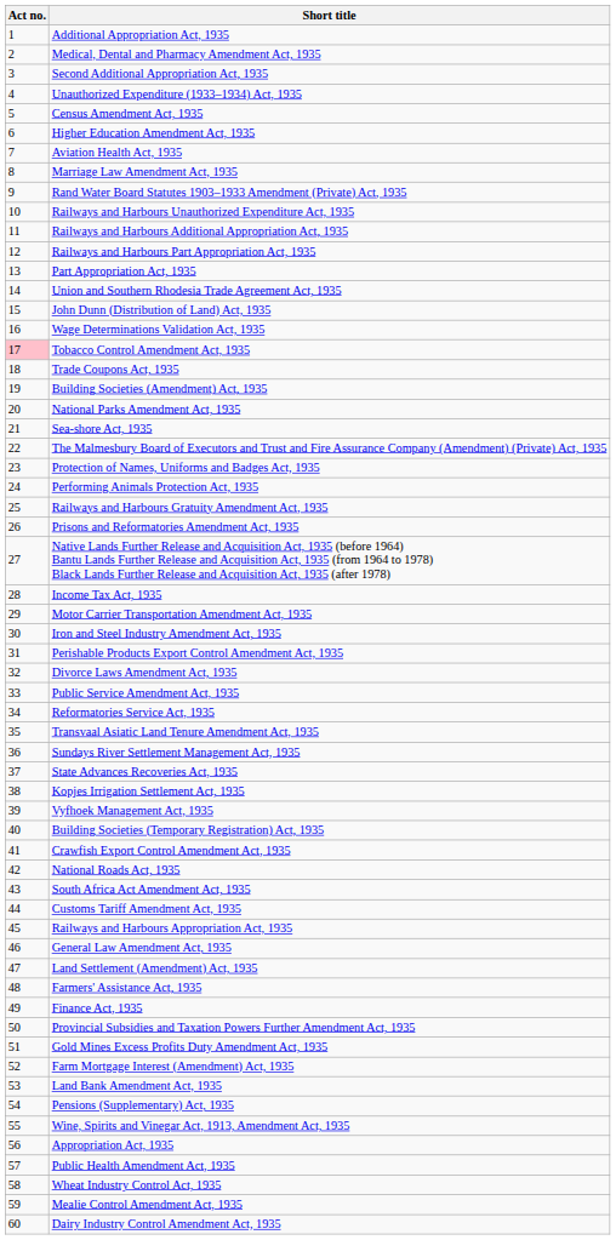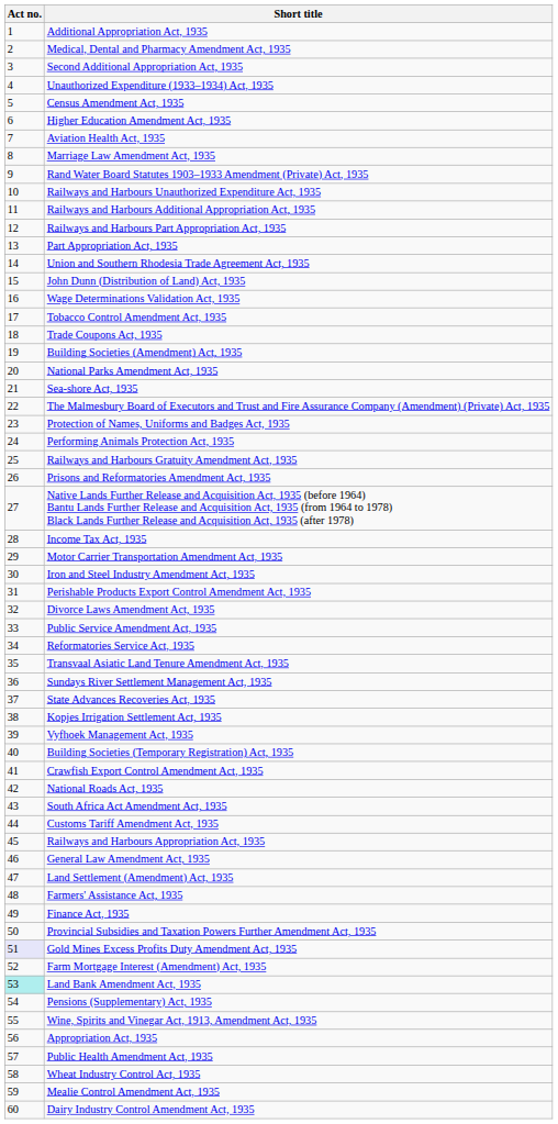 <table class="wikitable sortable">
 <tr>
 <th>Act no.</th>
 <th>Short title</th>
 </tr>
 <tr>
 <td>1</td>
 <td><a href='#'>Additional Appropriation Act, 1935</a></td>
 </tr>
 <tr>
 <td>2</td>
 <td><a href='#'>Medical, Dental and Pharmacy Amendment Act, 1935</a></td>
 </tr>
 <tr>
 <td>3</td>
 <td><a href='#'>Second Additional Appropriation Act, 1935</a></td>
 </tr>
 <tr>
 <td>4</td>
 <td><a href='#'>Unauthorized Expenditure (1933–1934) Act, 1935</a></td>
 </tr>
 <tr>
 <td>5</td>
 <td><a href='#'>Census Amendment Act, 1935</a></td>
 </tr>
 <tr>
 <td>6</td>
 <td><a href='#'>Higher Education Amendment Act, 1935</a></td>
 </tr>
 <tr>
 <td>7</td>
 <td><a href='#'>Aviation Health Act, 1935</a></td>
 </tr>
 <tr>
 <td>8</td>
 <td><a href='#'>Marriage Law Amendment Act, 1935</a></td>
 </tr>
 <tr>
 <td>9</td>
 <td><a href='#'>Rand Water Board Statutes 1903–1933 Amendment (Private) Act, 1935</a></td>
 </tr>
 <tr>
 <td>10</td>
 <td><a href='#'>Railways and Harbours Unauthorized Expenditure Act, 1935</a></td>
 </tr>
 <tr>
 <td>11</td>
 <td><a href='#'>Railways and Harbours Additional Appropriation Act, 1935</a></td>
 </tr>
 <tr>
 <td>12</td>
 <td><a href='#'>Railways and Harbours Part Appropriation Act, 1935</a></td>
 </tr>
 <tr>
 <td>13</td>
 <td><a href='#'>Part Appropriation Act, 1935</a></td>
 </tr>
 <tr>
 <td>14</td>
 <td><a href='#'>Union and Southern Rhodesia Trade Agreement Act, 1935</a></td>
 </tr>
 <tr>
 <td>15</td>
 <td><a href='#'>John Dunn (Distribution of Land) Act, 1935</a></td>
 </tr>
 <tr>
 <td>16</td>
 <td><a href='#'>Wage Determinations Validation Act, 1935</a></td>
 </tr>
 <tr>
-<td style="background: pink;">17</td>
+<td>17</td>
 <td><a href='#'>Tobacco Control Amendment Act, 1935</a></td>
 </tr>
 <tr>
 <td>18</td>
 <td><a href='#'>Trade Coupons Act, 1935</a></td>
 </tr>
 <tr>
 <td>19</td>
 <td><a href='#'>Building Societies (Amendment) Act, 1935</a></td>
 </tr>
 <tr>
 <td>20</td>
 <td><a href='#'>National Parks Amendment Act, 1935</a></td>
 </tr>
 <tr>
 <td>21</td>
 <td><a href='#'>Sea-shore Act, 1935</a></td>
 </tr>
 <tr>
 <td>22</td>
 <td><a href='#'>The Malmesbury Board of Executors and Trust and Fire Assurance Company (Amendment) (Private) Act, 1935</a></td>
 </tr>
 <tr>
 <td>23</td>
 <td><a href='#'>Protection of Names, Uniforms and Badges Act, 1935</a></td>
 </tr>
 <tr>
 <td>24</td>
 <td><a href='#'>Performing Animals Protection Act, 1935</a></td>
 </tr>
 <tr>
 <td>25</td>
 <td><a href='#'>Railways and Harbours Gratuity Amendment Act, 1935</a></td>
 </tr>
 <tr>
 <td>26</td>
 <td><a href='#'>Prisons and Reformatories Amendment Act, 1935</a></td>
 </tr>
 <tr>
 <td>27</td>
 <td><a href='#'>Native Lands Further Release and Acquisition Act, 1935</a> (before 1964) <br><a href='#'>Bantu Lands Further Release and Acquisition Act, 1935</a> (from 1964 to 1978) <br><a href='#'>Black Lands Further Release and Acquisition Act, 1935</a> (after 1978)</td>
 </tr>
 <tr>
 <td>28</td>
 <td><a href='#'>Income Tax Act, 1935</a></td>
 </tr>
 <tr>
 <td>29</td>
 <td><a href='#'>Motor Carrier Transportation Amendment Act, 1935</a></td>
 </tr>
 <tr>
 <td>30</td>
 <td><a href='#'>Iron and Steel Industry Amendment Act, 1935</a></td>
 </tr>
 <tr>
 <td>31</td>
 <td><a href='#'>Perishable Products Export Control Amendment Act, 1935</a></td>
 </tr>
 <tr>
 <td>32</td>
 <td><a href='#'>Divorce Laws Amendment Act, 1935</a></td>
 </tr>
 <tr>
 <td>33</td>
 <td><a href='#'>Public Service Amendment Act, 1935</a></td>
 </tr>
 <tr>
 <td>34</td>
 <td><a href='#'>Reformatories Service Act, 1935</a></td>
 </tr>
 <tr>
 <td>35</td>
 <td><a href='#'>Transvaal Asiatic Land Tenure Amendment Act, 1935</a></td>
 </tr>
 <tr>
 <td>36</td>
 <td><a href='#'>Sundays River Settlement Management Act, 1935</a></td>
 </tr>
 <tr>
 <td>37</td>
 <td><a href='#'>State Advances Recoveries Act, 1935</a></td>
 </tr>
 <tr>
 <td>38</td>
 <td><a href='#'>Kopjes Irrigation Settlement Act, 1935</a></td>
 </tr>
 <tr>
 <td>39</td>
 <td><a href='#'>Vyfhoek Management Act, 1935</a></td>
 </tr>
 <tr>
 <td>40</td>
 <td><a href='#'>Building Societies (Temporary Registration) Act, 1935</a></td>
 </tr>
 <tr>
 <td>41</td>
 <td><a href='#'>Crawfish Export Control Amendment Act, 1935</a></td>
 </tr>
 <tr>
 <td>42</td>
 <td><a href='#'>National Roads Act, 1935</a></td>
 </tr>
 <tr>
 <td>43</td>
 <td><a href='#'>South Africa Act Amendment Act, 1935</a></td>
 </tr>
 <tr>
 <td>44</td>
 <td><a href='#'>Customs Tariff Amendment Act, 1935</a></td>
 </tr>
 <tr>
 <td>45</td>
 <td><a href='#'>Railways and Harbours Appropriation Act, 1935</a></td>
 </tr>
 <tr>
 <td>46</td>
 <td><a href='#'>General Law Amendment Act, 1935</a></td>
 </tr>
 <tr>
 <td>47</td>
 <td><a href='#'>Land Settlement (Amendment) Act, 1935</a></td>
 </tr>
 <tr>
 <td>48</td>
 <td><a href='#'>Farmers' Assistance Act, 1935</a></td>
 </tr>
 <tr>
 <td>49</td>
 <td><a href='#'>Finance Act, 1935</a></td>
 </tr>
 <tr>
 <td>50</td>
 <td><a href='#'>Provincial Subsidies and Taxation Powers Further Amendment Act, 1935</a></td>
 </tr>
 <tr>
-<td>51</td>
+<td style="background: lavender;">51</td>
 <td><a href='#'>Gold Mines Excess Profits Duty Amendment Act, 1935</a></td>
 </tr>
 <tr>
 <td>52</td>
 <td><a href='#'>Farm Mortgage Interest (Amendment) Act, 1935</a></td>
 </tr>
 <tr>
-<td>53</td>
+<td style="background: paleturquoise;">53</td>
 <td><a href='#'>Land Bank Amendment Act, 1935</a></td>
 </tr>
 <tr>
 <td>54</td>
 <td><a href='#'>Pensions (Supplementary) Act, 1935</a></td>
 </tr>
 <tr>
 <td>55</td>
 <td><a href='#'>Wine, Spirits and Vinegar Act, 1913, Amendment Act, 1935</a></td>
 </tr>
 <tr>
 <td>56</td>
 <td><a href='#'>Appropriation Act, 1935</a></td>
 </tr>
 <tr>
 <td>57</td>
 <td><a href='#'>Public Health Amendment Act, 1935</a></td>
 </tr>
 <tr>
 <td>58</td>
 <td><a href='#'>Wheat Industry Control Act, 1935</a></td>
 </tr>
 <tr>
 <td>59</td>
 <td><a href='#'>Mealie Control Amendment Act, 1935</a></td>
 </tr>
 <tr>
 <td>60</td>
 <td><a href='#'>Dairy Industry Control Amendment Act, 1935</a></td>
 </tr>
 </table>
